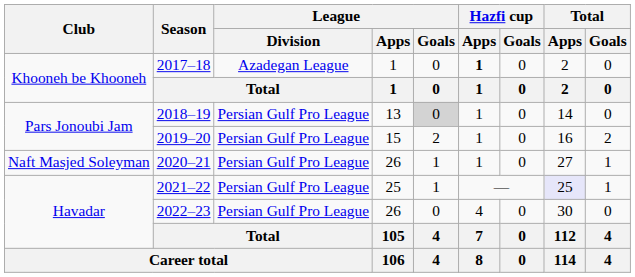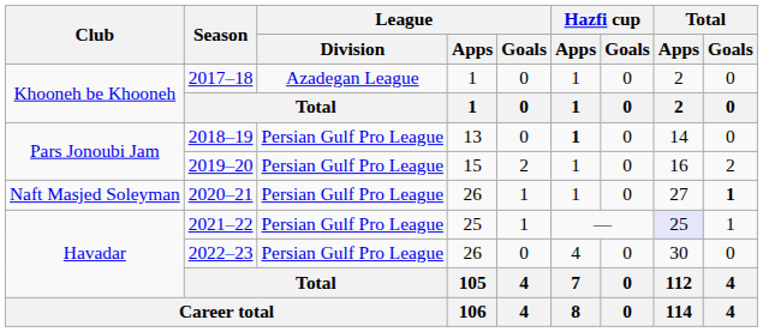 <table class="wikitable" style="text-align:center">
 <tr>
 <th rowspan="2">Club</th>
 <th rowspan="2">Season</th>
 <th colspan="3">League</th>
 <th colspan="2"><a href='#'>Hazfi</a> cup</th>
 <th colspan="2">Total</th>
 </tr>
 <tr>
 <th>Division</th>
 <th>Apps</th>
 <th>Goals</th>
 <th>Apps</th>
 <th>Goals</th>
 <th>Apps</th>
 <th>Goals</th>
 </tr>
 <tr>
 <td rowspan="2"><a href='#'>Khooneh be Khooneh</a></td>
 <td><a href='#'>2017–18</a></td>
 <td><a href='#'>Azadegan League</a></td>
 <td>1</td>
 <td>0</td>
-<td><strong>1</strong></td>
+<td>1</td>
 <td>0</td>
 <td>2</td>
 <td>0</td>
 </tr>
 <tr>
 <th colspan="2">Total</th>
 <th>1</th>
 <th>0</th>
 <th>1</th>
 <th>0</th>
 <th>2</th>
 <th>0</th>
 </tr>
 <tr>
 <td rowspan="2"><a href='#'>Pars Jonoubi Jam</a></td>
 <td><a href='#'>2018–19</a></td>
 <td><a href='#'>Persian Gulf Pro League</a></td>
 <td>13</td>
-<td style="background: lightgrey;">0</td>
-<td>1</td>
+<td>0</td>
+<td><strong>1</strong></td>
 <td>0</td>
 <td>14</td>
 <td>0</td>
 </tr>
 <tr>
 <td><a href='#'>2019–20</a></td>
 <td><a href='#'>Persian Gulf Pro League</a></td>
 <td>15</td>
 <td>2</td>
 <td>1</td>
 <td>0</td>
 <td>16</td>
 <td>2</td>
 </tr>
 <tr>
 <td><a href='#'>Naft Masjed Soleyman</a></td>
 <td><a href='#'>2020–21</a></td>
 <td><a href='#'>Persian Gulf Pro League</a></td>
 <td>26</td>
 <td>1</td>
 <td>1</td>
 <td>0</td>
 <td>27</td>
-<td>1</td>
+<td><strong>1</strong></td>
 </tr>
 <tr>
 <td rowspan="3"><a href='#'>Havadar</a></td>
 <td><a href='#'>2021–22</a></td>
 <td><a href='#'>Persian Gulf Pro League</a></td>
 <td>25</td>
 <td>1</td>
 <td colspan="2">—</td>
 <td style="background: lavender;">25</td>
 <td>1</td>
 </tr>
 <tr>
 <td><a href='#'>2022–23</a></td>
 <td><a href='#'>Persian Gulf Pro League</a></td>
 <td>26</td>
 <td>0</td>
 <td>4</td>
 <td>0</td>
 <td>30</td>
 <td>0</td>
 </tr>
 <tr>
 <th colspan="2">Total</th>
 <th>105</th>
 <th>4</th>
 <th>7</th>
 <th>0</th>
 <th>112</th>
 <th>4</th>
 </tr>
 <tr>
 <th colspan="3">Career total</th>
 <th>106</th>
 <th>4</th>
 <th>8</th>
 <th>0</th>
 <th>114</th>
 <th>4</th>
 </tr>
 </table>
